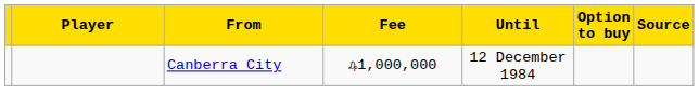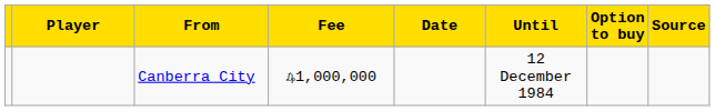 <table class="wikitable sortable">
 <tr>
 <th style="background:#FFDE00"></th>
 <th width=200 style="background:#FFDE00">Player</th>
 <th width=200 style="background:#FFDE00">From</th>
 <th width=150 style="background:#FFDE00">Fee</th>
+<th width=150 style="background:#FFDE00">Date</th>
 <th width=120 style="background:#FFDE00">Until</th>
 <th style="background:#FFDE00">Option to buy</th>
 <th style="background:#FFDE00">Source</th>
 </tr>
 <tr>
 <td align=center></td>
 <td></td>
 <td> <a href='#'>Canberra City</a></td>
 <td align=center>₯1,000,000</td>
+<td align=center></td>
 <td align=center>12 December 1984</td>
 <td align=center></td>
 <td align=center></td>
 </tr>
 </table>
